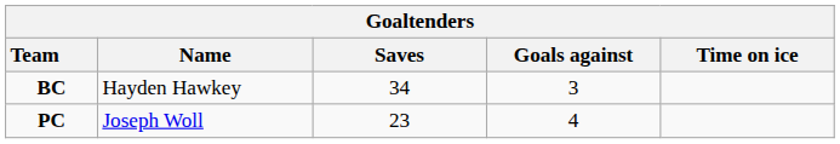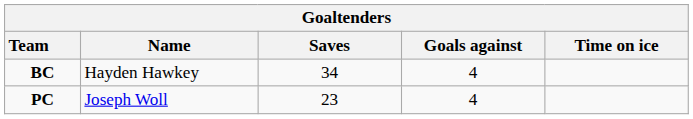 <table class="wikitable" style="width:40em; text-align:right;">
 <tr>
 <th colspan=5>Goaltenders</th>
 </tr>
 <tr>
 <th style="width:4em; text-align:left;">Team</th>
 <th style="width:10em;">Name</th>
 <th style="width:8em;">Saves</th>
 <th style="width:8em;">Goals against</th>
 <th style="width:8em;">Time on ice</th>
 </tr>
 <tr>
 <td align=center><strong>BC</strong></td>
 <td style="text-align:left;">Hayden Hawkey</td>
 <td align=center>34</td>
-<td align=center>3</td>
+<td align=center>4</td>
 <td align=center></td>
 </tr>
 <tr>
 <td align=center><strong>PC</strong></td>
 <td style="text-align:left;"><a href='#'>Joseph Woll</a></td>
 <td align=center>23</td>
 <td align=center>4</td>
 <td align=center></td>
 </tr>
 </table>
